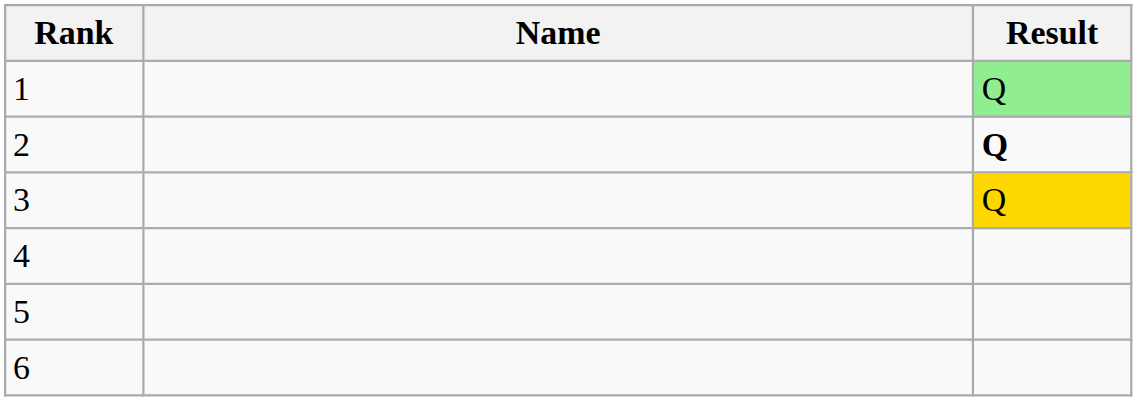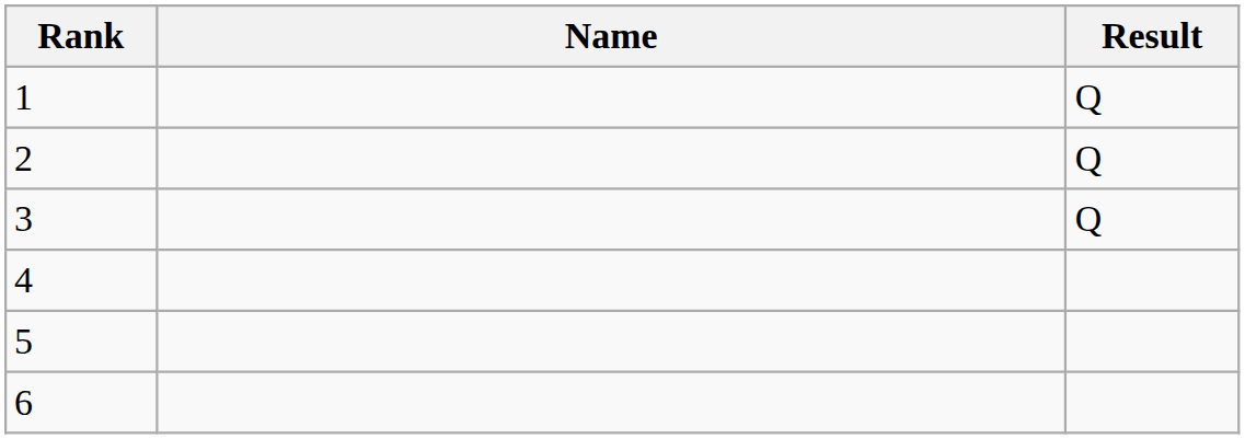 <table class=wikitable style="font-size:95%" width="40%">
 <tr>
 <th width=20>Rank</th>
 <th width=250>Name</th>
 <th width=25>Result</th>
 </tr>
 <tr>
 <td>1</td>
 <td></td>
-<td style="background: lightgreen;">Q</td>
+<td>Q</td>
 </tr>
 <tr>
 <td>2</td>
 <td></td>
-<td><strong>Q</strong></td>
+<td>Q</td>
 </tr>
 <tr>
 <td>3</td>
 <td></td>
-<td style="background: gold;">Q</td>
+<td>Q</td>
 </tr>
 <tr>
 <td>4</td>
 <td></td>
 <td></td>
 </tr>
 <tr>
 <td>5</td>
 <td></td>
 </tr>
 <tr>
 <td>6</td>
 <td></td>
 <td></td>
 </tr>
 </table>
